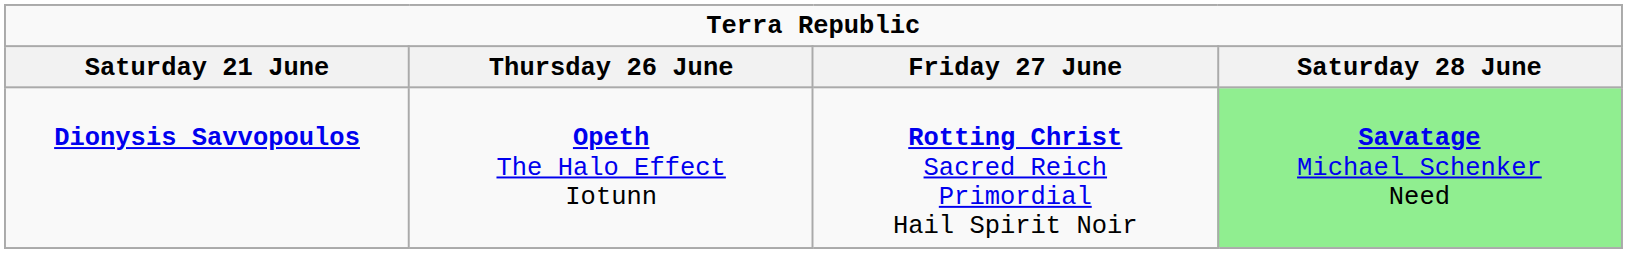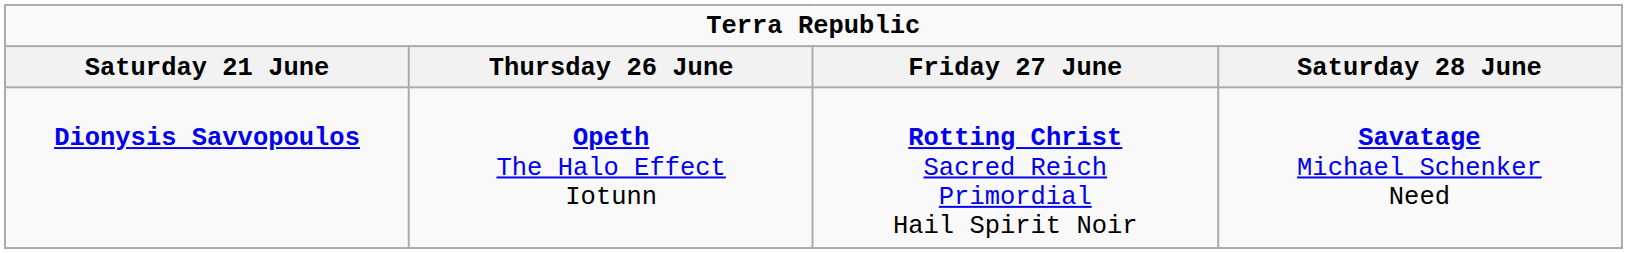 <table class="wikitable">
 <tr>
 <td colspan="4" align="center"><strong>Terra Republic</strong></td>
 </tr>
 <tr>
 <th>Saturday 21 June</th>
 <th>Thursday 26 June</th>
 <th>Friday 27 June</th>
 <th>Saturday 28 June</th>
 </tr>
 <tr>
 <td valign="top" align="center" width=200><br><strong><a href='#'>Dionysis Savvopoulos</a></strong></td>
 <td valign="top" align="center" width=200><br><strong><a href='#'>Opeth</a></strong> <br><a href='#'>The Halo Effect</a> <br>Iotunn</td>
 <td valign="top" align="center" width=200><br><strong><a href='#'>Rotting Christ</a></strong> <br><a href='#'>Sacred Reich</a> <br><a href='#'>Primordial</a> <br>Hail Spirit Noir</td>
-<td valign="top" align="center" width=200 style="background: lightgreen;"><br><strong><a href='#'>Savatage</a></strong> <br><a href='#'>Michael Schenker</a> <br>Need</td>
+<td valign="top" align="center" width=200><br><strong><a href='#'>Savatage</a></strong> <br><a href='#'>Michael Schenker</a> <br>Need</td>
 </tr>
 </table>
